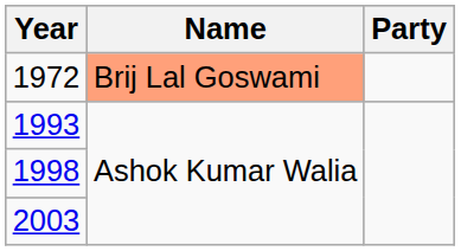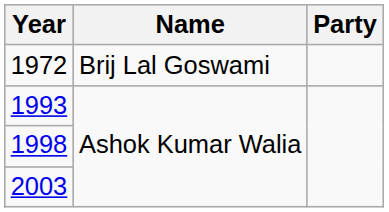 <table class="wikitable">
 <tr>
 <th>Year</th>
 <th>Name</th>
 <th colspan="2">Party</th>
 </tr>
 <tr>
 <td>1972</td>
-<td style="background: lightsalmon;">Brij Lal Goswami</td>
+<td>Brij Lal Goswami</td>
 <td></td>
 </tr>
 <tr>
 <td><a href='#'>1993</a></td>
 <td rowspan="3">Ashok Kumar Walia</td>
 </tr>
 <tr>
 <td><a href='#'>1998</a></td>
 </tr>
 <tr>
 <td><a href='#'>2003</a></td>
 </tr>
 </table>
